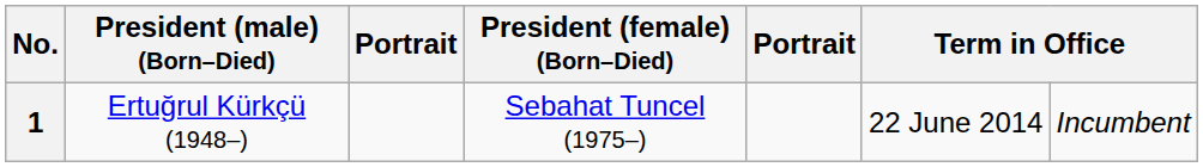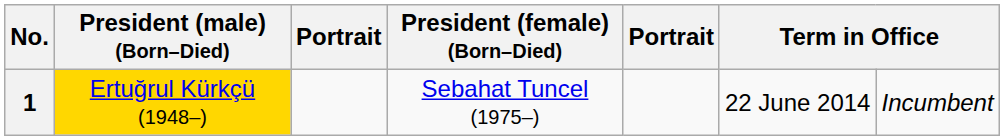 <table class="wikitable" style="text-align:center">
 <tr>
 <th>No.</th>
 <th width=150>President (male)<br><small>(Born–Died)</small></th>
 <th>Portrait</th>
 <th width=150>President (female)<br><small>(Born–Died)</small></th>
 <th>Portrait</th>
 <th colspan="2">Term in Office</th>
 </tr>
 <tr>
 <th style="background:">1</th>
-<td><a href='#'>Ertuğrul Kürkçü</a><br><small>(1948–)</small></td>
+<td style="background: gold;"><a href='#'>Ertuğrul Kürkçü</a><br><small>(1948–)</small></td>
 <td></td>
 <td><a href='#'>Sebahat Tuncel</a><br><small>(1975–)</small></td>
 <td></td>
 <td>22 June 2014</td>
 <td><em>Incumbent</em></td>
 </tr>
 </table>
